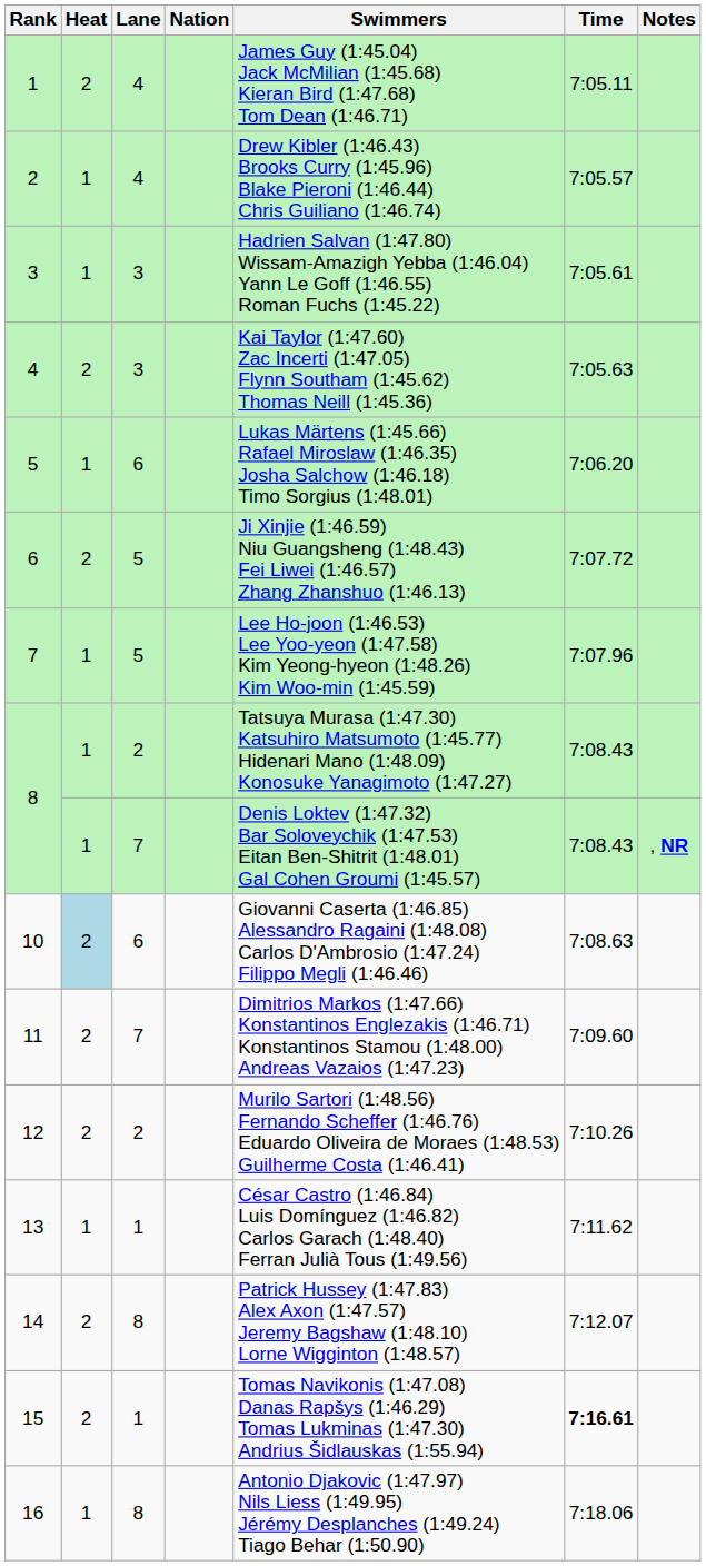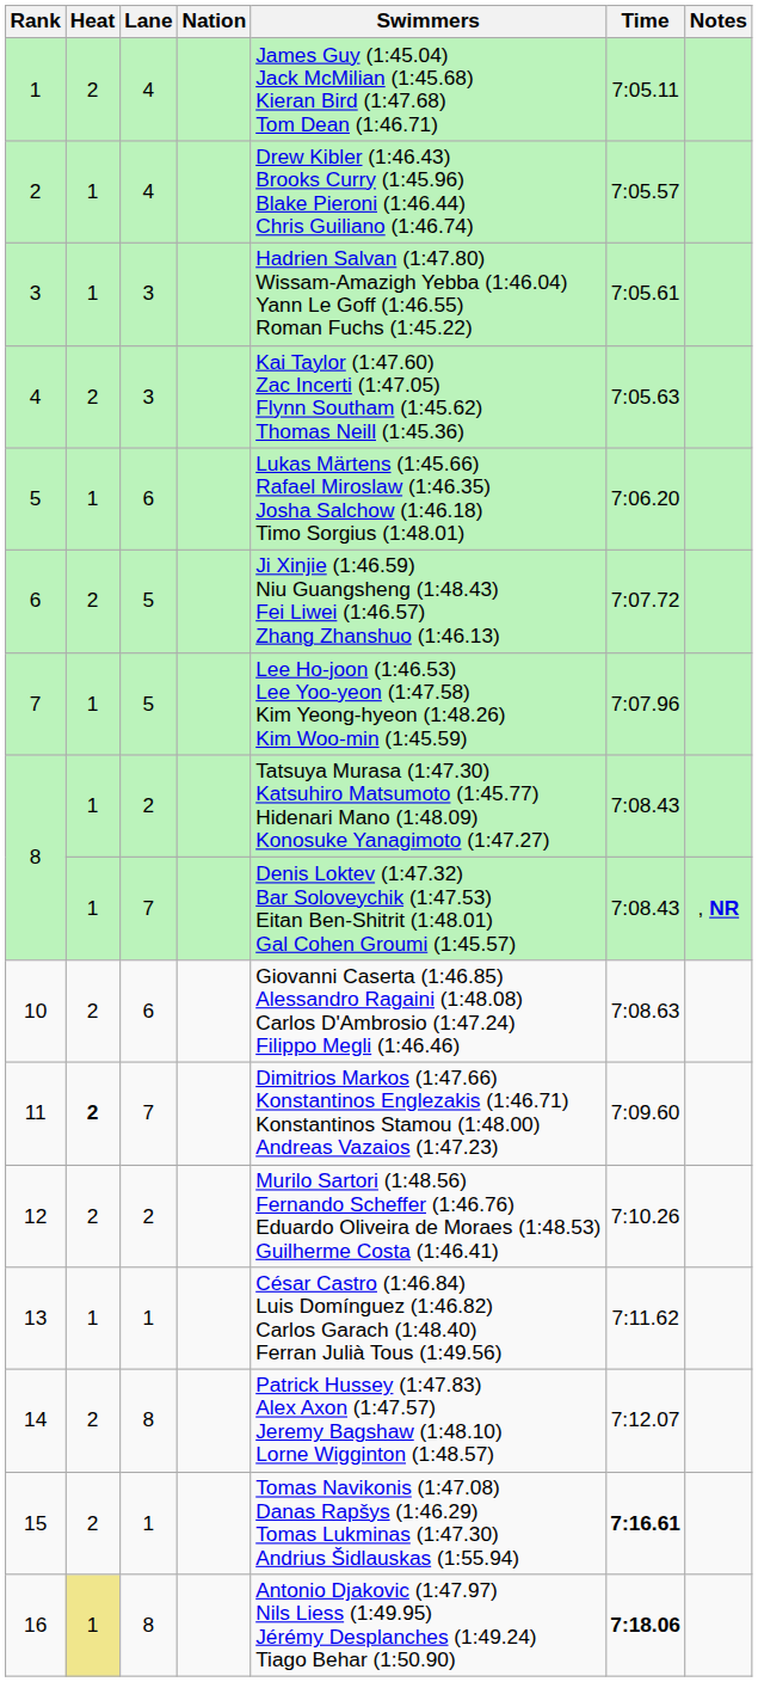 <table class="wikitable sortable mw-collapsible" style="text-align:center">
 <tr>
 <th scope="col">Rank</th>
 <th scope="col">Heat</th>
 <th scope="col">Lane</th>
 <th scope="col">Nation</th>
 <th scope="col">Swimmers</th>
 <th scope="col">Time</th>
 <th scope="col">Notes</th>
 </tr>
 <tr bgcolor=bbf3bb>
 <td>1</td>
 <td>2</td>
 <td>4</td>
 <td align="left" valign="middle"></td>
 <td align="left" valighn="top"><a href='#'>James Guy</a> (1:45.04)<br><a href='#'>Jack McMilian</a> (1:45.68)<br><a href='#'>Kieran Bird</a> (1:47.68)<br><a href='#'>Tom Dean</a> (1:46.71)</td>
 <td>7:05.11</td>
 <td></td>
 </tr>
 <tr bgcolor=bbf3bb>
 <td>2</td>
 <td>1</td>
 <td>4</td>
 <td align="left" valign="middle"></td>
 <td align="left" valighn="top"><a href='#'>Drew Kibler</a> (1:46.43)<br><a href='#'>Brooks Curry</a> (1:45.96)<br><a href='#'>Blake Pieroni</a> (1:46.44)<br><a href='#'>Chris Guiliano</a> (1:46.74)</td>
 <td>7:05.57</td>
 <td></td>
 </tr>
 <tr bgcolor=bbf3bb>
 <td>3</td>
 <td>1</td>
 <td>3</td>
 <td align="left" valign="middle"></td>
 <td align="left" valighn="top"><a href='#'>Hadrien Salvan</a> (1:47.80)<br>Wissam-Amazigh Yebba (1:46.04)<br>Yann Le Goff (1:46.55)<br>Roman Fuchs (1:45.22)</td>
 <td>7:05.61</td>
 <td></td>
 </tr>
 <tr bgcolor=bbf3bb>
 <td>4</td>
 <td>2</td>
 <td>3</td>
 <td align="left" valign="middle"></td>
 <td align="left" valighn="top"><a href='#'>Kai Taylor</a> (1:47.60)<br><a href='#'>Zac Incerti</a> (1:47.05)<br><a href='#'>Flynn Southam</a> (1:45.62)<br><a href='#'>Thomas Neill</a> (1:45.36)</td>
 <td>7:05.63</td>
 <td></td>
 </tr>
 <tr bgcolor=bbf3bb>
 <td>5</td>
 <td>1</td>
 <td>6</td>
 <td align="left" valign="middle"></td>
 <td align="left" valighn="top"><a href='#'>Lukas Märtens</a> (1:45.66)<br><a href='#'>Rafael Miroslaw</a> (1:46.35)<br><a href='#'>Josha Salchow</a> (1:46.18)<br>Timo Sorgius (1:48.01)</td>
 <td>7:06.20</td>
 <td></td>
 </tr>
 <tr bgcolor=bbf3bb>
 <td>6</td>
 <td>2</td>
 <td>5</td>
 <td align="left" valign="middle"></td>
 <td align="left" valighn="top"><a href='#'>Ji Xinjie</a> (1:46.59)<br>Niu Guangsheng (1:48.43)<br><a href='#'>Fei Liwei</a> (1:46.57)<br><a href='#'>Zhang Zhanshuo</a> (1:46.13)</td>
 <td>7:07.72</td>
 <td></td>
 </tr>
 <tr bgcolor=bbf3bb>
 <td>7</td>
 <td>1</td>
 <td>5</td>
 <td align="left" valign="middle"></td>
 <td align="left" valighn="top"><a href='#'>Lee Ho-joon</a> (1:46.53)<br><a href='#'>Lee Yoo-yeon</a> (1:47.58)<br>Kim Yeong-hyeon (1:48.26)<br><a href='#'>Kim Woo-min</a> (1:45.59)</td>
 <td>7:07.96</td>
 <td></td>
 </tr>
 <tr bgcolor=bbf3bb>
 <td rowspan=2>8</td>
 <td>1</td>
 <td>2</td>
 <td align="left" valign="middle"></td>
 <td align="left" valighn="top">Tatsuya Murasa (1:47.30)<br><a href='#'>Katsuhiro Matsumoto</a> (1:45.77)<br>Hidenari Mano (1:48.09)<br><a href='#'>Konosuke Yanagimoto</a> (1:47.27)</td>
 <td>7:08.43</td>
 <td></td>
 </tr>
 <tr bgcolor=bbf3bb>
 <td>1</td>
 <td>7</td>
 <td align="left" valign="middle"></td>
 <td align="left" valighn="top"><a href='#'>Denis Loktev</a> (1:47.32)<br><a href='#'>Bar Soloveychik</a> (1:47.53)<br>Eitan Ben-Shitrit (1:48.01)<br><a href='#'>Gal Cohen Groumi</a> (1:45.57)</td>
 <td>7:08.43</td>
 <td>, <strong><a href='#'>NR</a></strong></td>
 </tr>
 <tr>
 <td>10</td>
-<td style="background: lightblue;">2</td>
+<td>2</td>
 <td>6</td>
 <td align="left" valign="middle"></td>
 <td align="left" valighn="top">Giovanni Caserta (1:46.85)<br><a href='#'>Alessandro Ragaini</a> (1:48.08)<br>Carlos D'Ambrosio (1:47.24)<br><a href='#'>Filippo Megli</a> (1:46.46)</td>
 <td>7:08.63</td>
 <td></td>
 </tr>
 <tr>
 <td>11</td>
-<td>2</td>
+<td><strong>2</strong></td>
 <td>7</td>
 <td align="left" valign="middle"></td>
 <td align="left" valighn="top"><a href='#'>Dimitrios Markos</a> (1:47.66)<br><a href='#'>Konstantinos Englezakis</a> (1:46.71)<br>Konstantinos Stamou (1:48.00)<br><a href='#'>Andreas Vazaios</a> (1:47.23)</td>
 <td>7:09.60</td>
 <td></td>
 </tr>
 <tr>
 <td>12</td>
 <td>2</td>
 <td>2</td>
 <td align="left" valign="middle"></td>
 <td align="left" valighn="top"><a href='#'>Murilo Sartori</a> (1:48.56)<br><a href='#'>Fernando Scheffer</a> (1:46.76)<br>Eduardo Oliveira de Moraes (1:48.53)<br><a href='#'>Guilherme Costa</a> (1:46.41)</td>
 <td>7:10.26</td>
 <td></td>
 </tr>
 <tr>
 <td>13</td>
 <td>1</td>
 <td>1</td>
 <td align="left" valign="middle"></td>
 <td align="left" valighn="top"><a href='#'>César Castro</a> (1:46.84)<br>Luis Domínguez (1:46.82)<br>Carlos Garach (1:48.40)<br>Ferran Julià Tous (1:49.56)</td>
 <td>7:11.62</td>
 <td></td>
 </tr>
 <tr>
 <td>14</td>
 <td>2</td>
 <td>8</td>
 <td align="left" valign="middle"></td>
 <td align="left" valighn="top"><a href='#'>Patrick Hussey</a> (1:47.83)<br><a href='#'>Alex Axon</a> (1:47.57)<br><a href='#'>Jeremy Bagshaw</a> (1:48.10)<br><a href='#'>Lorne Wigginton</a> (1:48.57)</td>
 <td>7:12.07</td>
 <td></td>
 </tr>
 <tr>
 <td>15</td>
 <td>2</td>
 <td>1</td>
 <td align="left" valign="middle"></td>
 <td align="left" valighn="top"><a href='#'>Tomas Navikonis</a> (1:47.08)<br><a href='#'>Danas Rapšys</a> (1:46.29)<br><a href='#'>Tomas Lukminas</a> (1:47.30)<br><a href='#'>Andrius Šidlauskas</a> (1:55.94)</td>
 <td><strong>7:16.61</strong></td>
 <td></td>
 </tr>
 <tr>
 <td>16</td>
-<td>1</td>
+<td style="background: khaki;">1</td>
 <td>8</td>
 <td align="left" valign="middle"></td>
 <td align="left" valighn="top"><a href='#'>Antonio Djakovic</a> (1:47.97)<br><a href='#'>Nils Liess</a> (1:49.95)<br><a href='#'>Jérémy Desplanches</a> (1:49.24)<br>Tiago Behar (1:50.90)</td>
-<td>7:18.06</td>
+<td><strong>7:18.06</strong></td>
 <td></td>
 </tr>
 </table>
